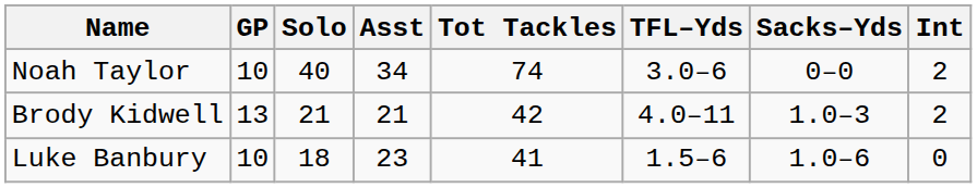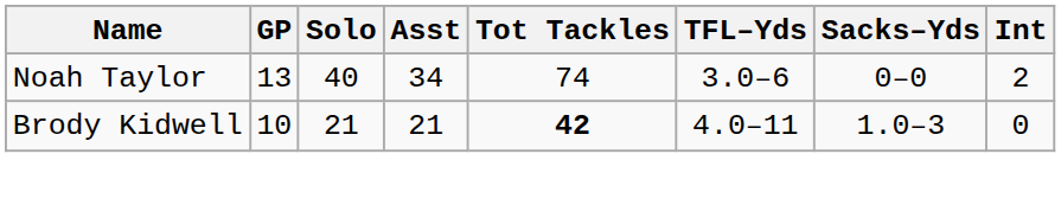 <table class="wikitable">
 <tr>
 <th>Name</th>
 <th>GP</th>
 <th>Solo</th>
 <th>Asst</th>
 <th>Tot Tackles</th>
 <th>TFL–Yds</th>
 <th>Sacks–Yds</th>
 <th>Int</th>
 </tr>
 <tr>
 <td>Noah Taylor</td>
-<td align=center>10</td>
+<td align=center>13</td>
 <td align=center>40</td>
 <td align=center>34</td>
 <td align=center>74</td>
 <td align=center>3.0–6</td>
 <td align=center>0–0</td>
 <td align=center>2</td>
 </tr>
 <tr>
 <td>Brody Kidwell</td>
-<td align=center>13</td>
+<td align=center>10</td>
 <td align=center>21</td>
 <td align=center>21</td>
-<td align=center>42</td>
+<td align=center><strong>42</strong></td>
 <td align=center>4.0–11</td>
 <td align=center>1.0–3</td>
-<td align=center>2</td>
-</tr>
-<tr>
-<td>Luke Banbury</td>
-<td align=center>10</td>
-<td align=center>18</td>
-<td align=center>23</td>
-<td align=center>41</td>
-<td align=center>1.5–6</td>
-<td align=center>1.0–6</td>
 <td align=center>0</td>
 </tr>
 </table>
